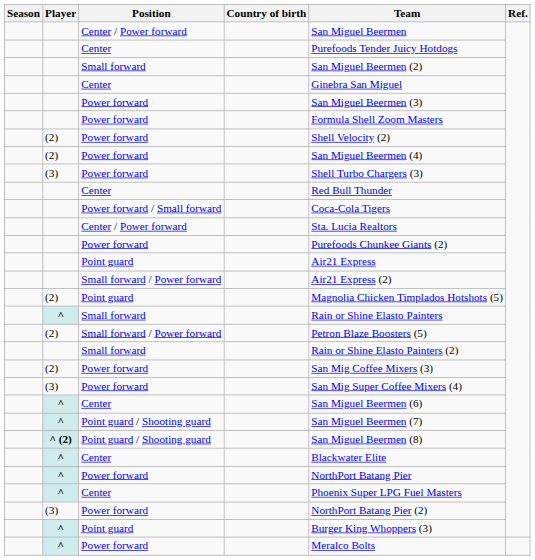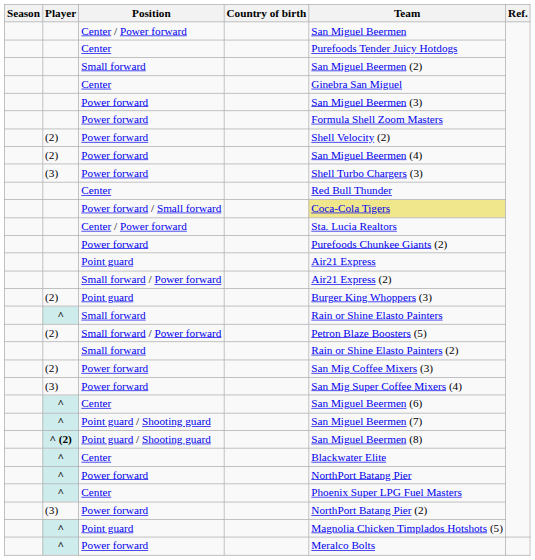 <table class="wikitable plainrowheaders sortable" summary="Season (sortable), Coach (sortable), Nationality (sortable), Team (sortable)width=640px">
 <tr>
 <th scope="col">Season</th>
 <th scope="col">Player</th>
 <th scope="col">Position</th>
 <th scope="col">Country of birth</th>
 <th scope="col">Team</th>
 <th scope="col" class=unsortable>Ref.</th>
 </tr>
 <tr>
 <td></td>
 <td></td>
 <td><a href='#'>Center</a> / <a href='#'>Power forward</a></td>
 <td></td>
 <td><a href='#'>San Miguel Beermen</a></td>
 </tr>
 <tr>
 <td></td>
 <td></td>
 <td><a href='#'>Center</a></td>
 <td></td>
 <td><a href='#'>Purefoods Tender Juicy Hotdogs</a></td>
 </tr>
 <tr>
 <td></td>
 <td></td>
 <td><a href='#'>Small forward</a></td>
 <td></td>
 <td><a href='#'>San Miguel Beermen</a> (2)</td>
 </tr>
 <tr>
 <td></td>
 <td></td>
 <td><a href='#'>Center</a></td>
 <td></td>
 <td><a href='#'>Ginebra San Miguel</a></td>
 </tr>
 <tr>
 <td></td>
 <td></td>
 <td><a href='#'>Power forward</a></td>
 <td></td>
 <td><a href='#'>San Miguel Beermen</a> (3)</td>
 </tr>
 <tr>
 <td></td>
 <td></td>
 <td><a href='#'>Power forward</a></td>
 <td></td>
 <td><a href='#'>Formula Shell Zoom Masters</a></td>
 </tr>
 <tr>
 <td></td>
 <td> (2)</td>
 <td><a href='#'>Power forward</a></td>
 <td></td>
 <td><a href='#'>Shell Velocity</a> (2)</td>
 </tr>
 <tr>
 <td></td>
 <td> (2)</td>
 <td><a href='#'>Power forward</a></td>
 <td></td>
 <td><a href='#'>San Miguel Beermen</a> (4)</td>
 </tr>
 <tr>
 <td></td>
 <td> (3)</td>
 <td><a href='#'>Power forward</a></td>
 <td></td>
 <td><a href='#'>Shell Turbo Chargers</a> (3)</td>
 </tr>
 <tr>
 <td></td>
 <td></td>
 <td><a href='#'>Center</a></td>
 <td></td>
 <td><a href='#'>Red Bull Thunder</a></td>
 </tr>
 <tr>
 <td></td>
 <td></td>
 <td><a href='#'>Power forward</a> / <a href='#'>Small forward</a></td>
 <td></td>
-<td><a href='#'>Coca-Cola Tigers</a></td>
+<td style="background: khaki;"><a href='#'>Coca-Cola Tigers</a></td>
 </tr>
 <tr>
 <td></td>
 <td></td>
 <td><a href='#'>Center</a> / <a href='#'>Power forward</a></td>
 <td></td>
 <td><a href='#'>Sta. Lucia Realtors</a></td>
 </tr>
 <tr>
 <td></td>
 <td></td>
 <td><a href='#'>Power forward</a></td>
 <td></td>
 <td><a href='#'>Purefoods Chunkee Giants</a> (2)</td>
 </tr>
 <tr>
 <td></td>
 <td></td>
 <td><a href='#'>Point guard</a></td>
 <td></td>
 <td><a href='#'>Air21 Express</a></td>
 </tr>
 <tr>
 <td></td>
 <td></td>
 <td><a href='#'>Small forward</a> / <a href='#'>Power forward</a></td>
 <td></td>
 <td><a href='#'>Air21 Express</a> (2)</td>
 </tr>
 <tr>
 <td></td>
 <td> (2)</td>
 <td><a href='#'>Point guard</a></td>
 <td></td>
-<td><a href='#'>Magnolia Chicken Timplados Hotshots</a> (5)</td>
+<td><a href='#'>Burger King Whoppers</a> (3)</td>
 </tr>
 <tr>
 <td></td>
 <th scope="row" style="background-color:#CFECEC">^</th>
 <td><a href='#'>Small forward</a></td>
 <td></td>
 <td><a href='#'>Rain or Shine Elasto Painters</a></td>
 </tr>
 <tr>
 <td></td>
 <td> (2)</td>
 <td><a href='#'>Small forward</a> / <a href='#'>Power forward</a></td>
 <td></td>
 <td><a href='#'>Petron Blaze Boosters</a> (5)</td>
 </tr>
 <tr>
 <td></td>
 <td></td>
 <td><a href='#'>Small forward</a></td>
 <td></td>
 <td><a href='#'>Rain or Shine Elasto Painters</a> (2)</td>
 </tr>
 <tr>
 <td></td>
 <td> (2)</td>
 <td><a href='#'>Power forward</a></td>
 <td></td>
 <td><a href='#'>San Mig Coffee Mixers</a> (3)</td>
 </tr>
 <tr>
 <td></td>
 <td> (3)</td>
 <td><a href='#'>Power forward</a></td>
 <td></td>
 <td><a href='#'>San Mig Super Coffee Mixers</a> (4)</td>
 </tr>
 <tr>
 <td></td>
 <th scope="row" style="background-color:#CFECEC">^</th>
 <td><a href='#'>Center</a></td>
 <td></td>
 <td><a href='#'>San Miguel Beermen</a> (6)</td>
 </tr>
 <tr>
 <td></td>
 <th scope="row" style="background-color:#CFECEC">^</th>
 <td><a href='#'>Point guard</a> / <a href='#'>Shooting guard</a></td>
 <td></td>
 <td><a href='#'>San Miguel Beermen</a> (7)</td>
 </tr>
 <tr>
 <td></td>
 <th scope="row" style="background-color:#CFECEC">^ (2)</th>
 <td><a href='#'>Point guard</a> / <a href='#'>Shooting guard</a></td>
 <td></td>
 <td><a href='#'>San Miguel Beermen</a> (8)</td>
 </tr>
 <tr>
 <td></td>
 <th scope="row" style="background-color:#CFECEC">^</th>
 <td><a href='#'>Center</a></td>
 <td></td>
 <td><a href='#'>Blackwater Elite</a></td>
 </tr>
 <tr>
 <td></td>
 <th scope="row" style="background-color:#CFECEC">^</th>
 <td><a href='#'>Power forward</a></td>
 <td></td>
 <td><a href='#'>NorthPort Batang Pier</a></td>
 </tr>
 <tr>
 <td></td>
 <th scope="row" style="background-color:#CFECEC">^</th>
 <td><a href='#'>Center</a></td>
 <td></td>
 <td><a href='#'>Phoenix Super LPG Fuel Masters</a></td>
 </tr>
 <tr>
 <td></td>
 <td> (3)</td>
 <td><a href='#'>Power forward</a></td>
 <td></td>
 <td><a href='#'>NorthPort Batang Pier</a> (2)</td>
 </tr>
 <tr>
 <td></td>
 <th scope="row" style="background-color:#CFECEC">^</th>
 <td><a href='#'>Point guard</a></td>
 <td></td>
-<td><a href='#'>Burger King Whoppers</a> (3)</td>
+<td><a href='#'>Magnolia Chicken Timplados Hotshots</a> (5)</td>
 </tr>
 <tr>
 <td></td>
 <th scope="row" style="background-color:#CFECEC">^</th>
 <td><a href='#'>Power forward</a></td>
 <td></td>
 <td><a href='#'>Meralco Bolts</a></td>
 <td></td>
 </tr>
 </table>
